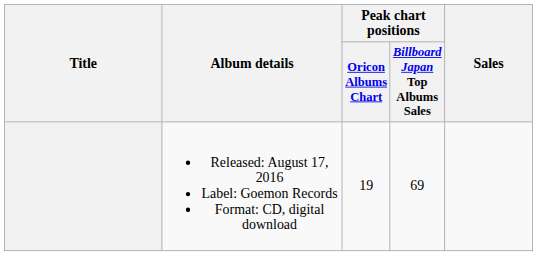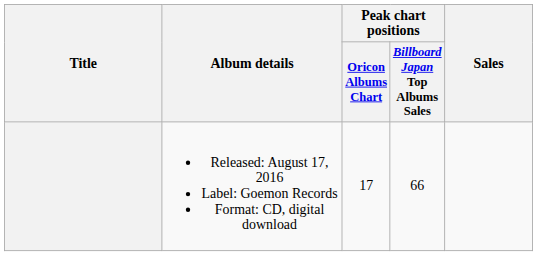 <table class="wikitable plainrowheaders" style="text-align:center;" border="1">
 <tr>
 <th scope="col" rowspan="2" style="width:16em;">Title</th>
 <th scope="col" rowspan="2" style="width:16em;">Album details</th>
 <th scope="col" colspan="2">Peak chart positions</th>
 <th scope="col" rowspan="2" style="width:8em;">Sales</th>
 </tr>
 <tr>
 <th scope="col" style="width:2.2em;font-size:90%;"><a href='#'>Oricon Albums Chart</a><br></th>
 <th scope="col" style="width:2.2em;font-size:90%;"><em><a href='#'>Billboard Japan</a></em> Top Albums Sales<br></th>
 </tr>
 <tr>
 <th scope="row"></th>
 <td><br><ul><li>Released: August 17, 2016</li><li>Label: Goemon Records</li><li>Format: CD, digital download</li></ul></td>
-<td>19</td>
-<td>69</td>
+<td>17</td>
+<td>66</td>
 <td></td>
 </tr>
 </table>
